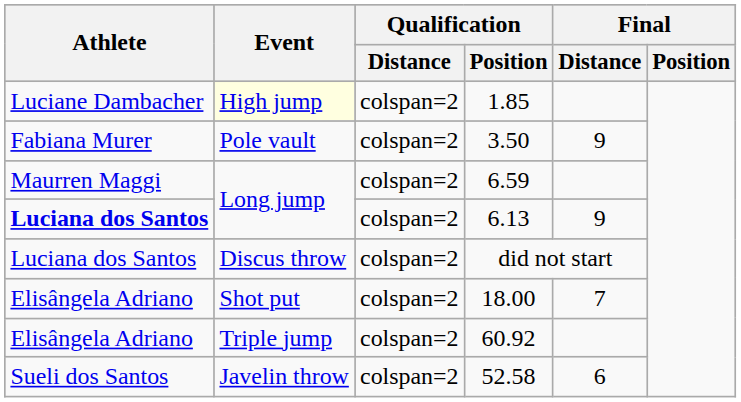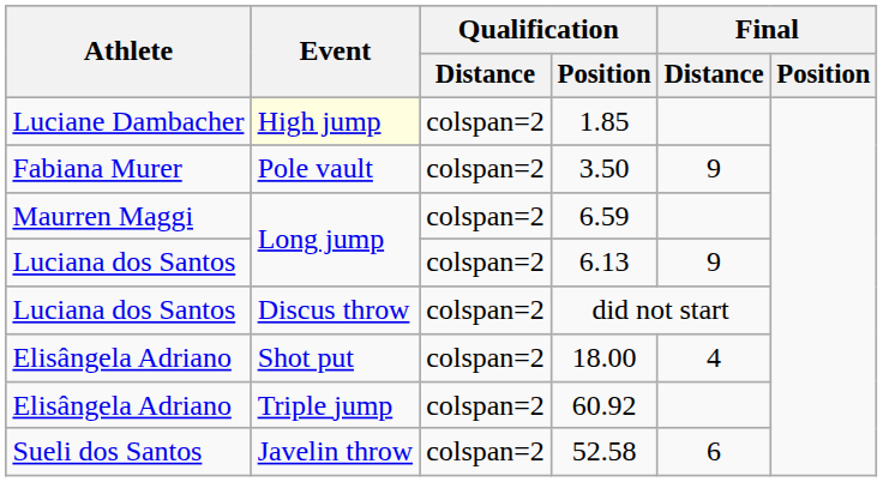 <table class=wikitable style="font-size:90%">
 <tr>
 <th rowspan="2">Athlete</th>
 <th rowspan="2">Event</th>
 <th colspan="2">Qualification</th>
 <th colspan="2">Final</th>
 </tr>
 <tr style="font-size:95%">
 <th>Distance</th>
 <th>Position</th>
 <th>Distance</th>
 <th>Position</th>
 </tr>
 <tr align=center>
 <td align=left><a href='#'>Luciane Dambacher</a></td>
 <td align=left style="background: lightyellow;"><a href='#'>High jump</a></td>
 <td>colspan=2 </td>
 <td>1.85</td>
 <td></td>
 </tr>
 <tr align=center>
 <td align=left><a href='#'>Fabiana Murer</a></td>
 <td align=left><a href='#'>Pole vault</a></td>
 <td>colspan=2 </td>
 <td>3.50</td>
 <td>9</td>
 </tr>
 <tr align=center>
 <td align=left><a href='#'>Maurren Maggi</a></td>
 <td align=left rowspan=2><a href='#'>Long jump</a></td>
 <td>colspan=2 </td>
 <td>6.59</td>
 <td></td>
 </tr>
 <tr align=center>
-<td align=left><strong><a href='#'>Luciana dos Santos</a></strong></td>
+<td align=left><a href='#'>Luciana dos Santos</a></td>
 <td>colspan=2 </td>
 <td>6.13</td>
 <td>9</td>
 </tr>
 <tr align=center>
 <td align=left><a href='#'>Luciana dos Santos</a></td>
 <td align=left><a href='#'>Discus throw</a></td>
 <td>colspan=2 </td>
 <td colspan=2>did not start</td>
 </tr>
 <tr align=center>
 <td align=left><a href='#'>Elisângela Adriano</a></td>
 <td align=left><a href='#'>Shot put</a></td>
 <td>colspan=2 </td>
 <td>18.00</td>
-<td>7</td>
+<td>4</td>
 </tr>
 <tr align=center>
 <td align=left><a href='#'>Elisângela Adriano</a></td>
 <td align=left><a href='#'>Triple jump</a></td>
 <td>colspan=2 </td>
 <td>60.92</td>
 <td></td>
 </tr>
 <tr align=center>
 <td align=left><a href='#'>Sueli dos Santos</a></td>
 <td align=left><a href='#'>Javelin throw</a></td>
 <td>colspan=2 </td>
 <td>52.58</td>
 <td>6</td>
 </tr>
 </table>
